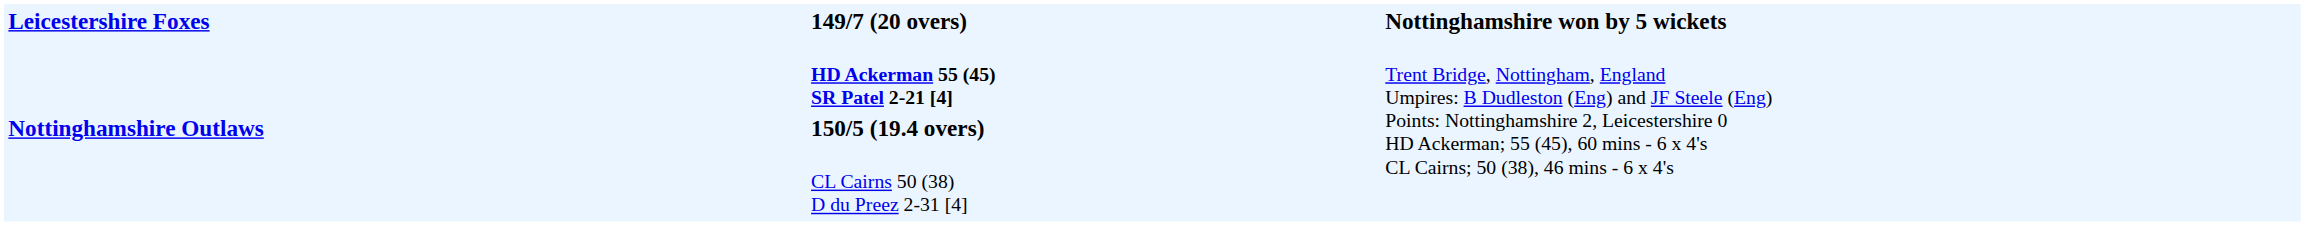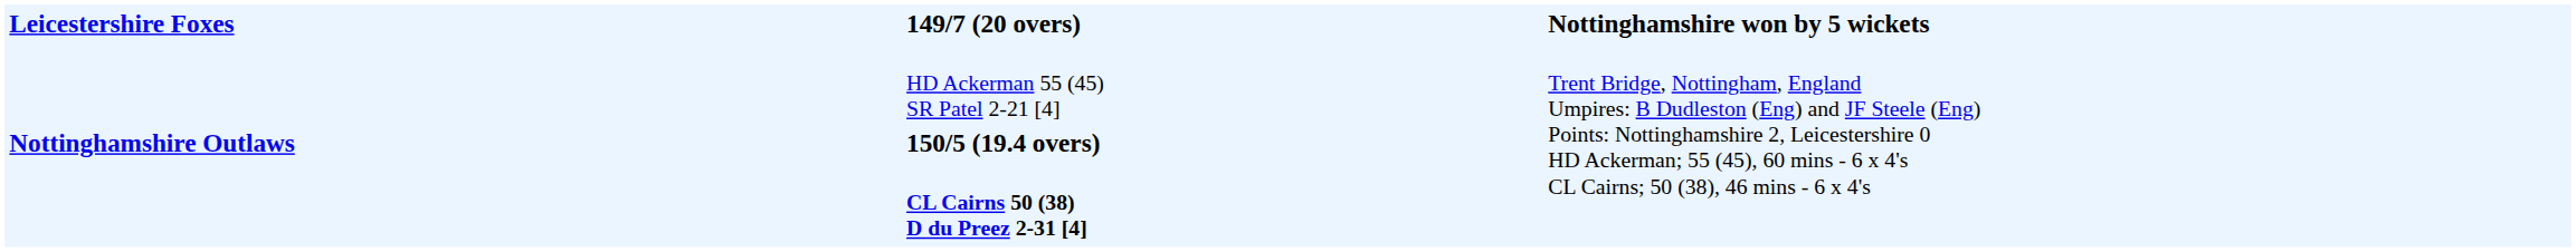 <table style="width:100%; background:#ebf5ff;">
 <tr>
 <td style="width:35%; vertical-align:top;" rowspan="2"><strong><a href='#'>Leicestershire Foxes</a></strong></td>
 <td style="width:25%;"><strong>149/7 (20 overs)</strong></td>
 <td style="width:40%;"><strong>Nottinghamshire won by 5 wickets</strong></td>
 </tr>
 <tr>
-<td style="font-size: 85%;"><strong><br><a href='#'>HD Ackerman</a> 55 (45)<br> <a href='#'>SR Patel</a> 2-21 [4]</strong></td>
+<td style="font-size: 85%;"><br><a href='#'>HD Ackerman</a> 55 (45)<br> <a href='#'>SR Patel</a> 2-21 [4]</td>
 <td style="vertical-align:top; font-size:85%;" rowspan="3"><br><a href='#'>Trent Bridge</a>, <a href='#'>Nottingham</a>, <a href='#'>England</a><br> Umpires: <a href='#'>B Dudleston</a> (<a href='#'>Eng</a>) and <a href='#'>JF Steele</a> (<a href='#'>Eng</a>)<br> Points: Nottinghamshire 2, Leicestershire 0<br>HD Ackerman; 55 (45), 60 mins - 6 x 4's<br> CL Cairns; 50 (38), 46 mins - 6 x 4's</td>
 </tr>
 <tr>
 <td style="vertical-align:top;" rowspan="2"><strong><a href='#'>Nottinghamshire Outlaws</a></strong></td>
 <td><strong>150/5 (19.4 overs)</strong></td>
 </tr>
 <tr>
-<td style="font-size: 85%;"><br><a href='#'>CL Cairns</a> 50 (38)<br> <a href='#'>D du Preez</a> 2-31 [4]</td>
+<td style="font-size: 85%;"><strong><br><a href='#'>CL Cairns</a> 50 (38)<br> <a href='#'>D du Preez</a> 2-31 [4]</strong></td>
 </tr>
 </table>
